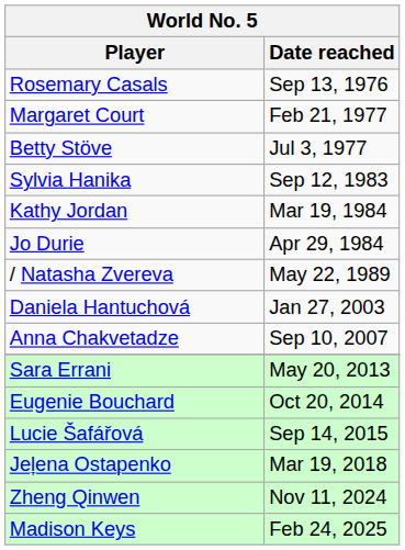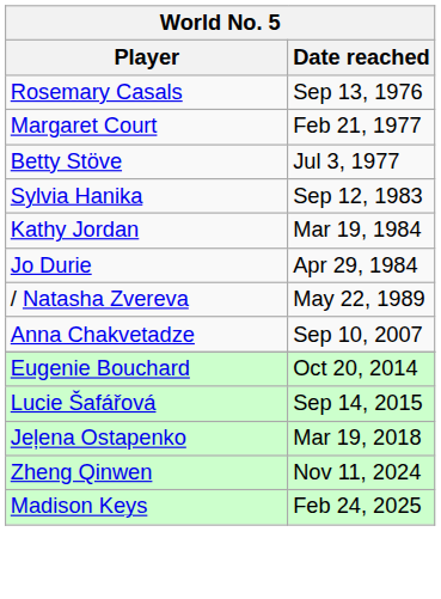 <table class="wikitable" style="display:inline-table">
 <tr>
 <th colspan=2>World No. 5</th>
 </tr>
 <tr>
 <th width="200">Player</th>
 <th>Date reached</th>
 </tr>
 <tr>
 <td> <a href='#'>Rosemary Casals</a></td>
 <td>Sep 13, 1976</td>
 </tr>
 <tr>
 <td> <a href='#'>Margaret Court</a></td>
 <td>Feb 21, 1977</td>
 </tr>
 <tr>
 <td> <a href='#'>Betty Stöve</a></td>
 <td>Jul 3, 1977</td>
 </tr>
 <tr>
 <td> <a href='#'>Sylvia Hanika</a></td>
 <td>Sep 12, 1983</td>
 </tr>
 <tr>
 <td> <a href='#'>Kathy Jordan</a></td>
 <td>Mar 19, 1984</td>
 </tr>
 <tr>
 <td> <a href='#'>Jo Durie</a></td>
 <td>Apr 29, 1984</td>
 </tr>
 <tr>
 <td>/ <a href='#'>Natasha Zvereva</a></td>
 <td>May 22, 1989</td>
 </tr>
 <tr>
-<td> <a href='#'>Daniela Hantuchová</a></td>
-<td>Jan 27, 2003</td>
-</tr>
-<tr>
 <td> <a href='#'>Anna Chakvetadze</a></td>
 <td>Sep 10, 2007</td>
 </tr>
 <tr>
-</tr>
-<tr bgcolor=ccffcc>
-<td> <a href='#'>Sara Errani</a></td>
-<td>May 20, 2013</td>
 </tr>
 <tr bgcolor=ccffcc>
 <td> <a href='#'>Eugenie Bouchard</a></td>
 <td>Oct 20, 2014</td>
 </tr>
 <tr bgcolor=ccffcc>
 <td> <a href='#'>Lucie Šafářová</a></td>
 <td>Sep 14, 2015</td>
 </tr>
 <tr bgcolor=ccffcc>
 <td> <a href='#'>Jeļena Ostapenko</a></td>
 <td>Mar 19, 2018</td>
 </tr>
 <tr bgcolor=ccffcc>
 <td> <a href='#'>Zheng Qinwen</a></td>
 <td>Nov 11, 2024</td>
 </tr>
 <tr bgcolor=ccffcc>
 <td> <a href='#'>Madison Keys</a></td>
 <td>Feb 24, 2025</td>
 </tr>
 </table>
